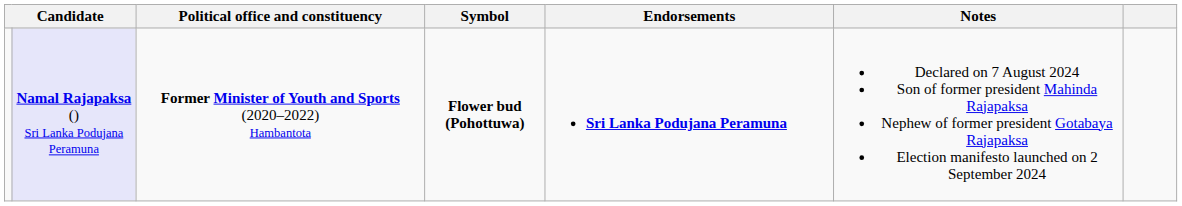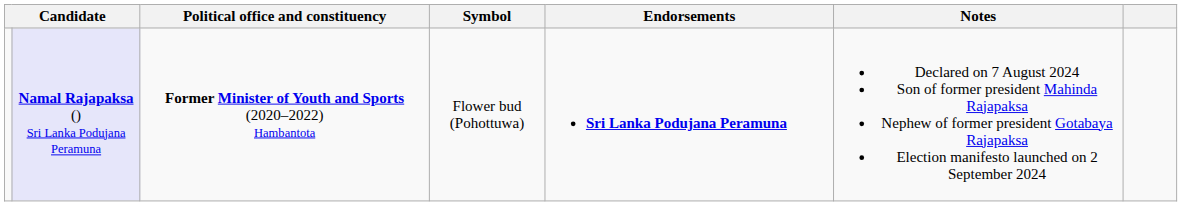 <table class="wikitable" style="text-align:center">
 <tr>
 <th colspan="2" scope="col" style="width: 200px;">Candidate</th>
 <th scope="col" style="width: 300px;">Political office and constituency</th>
 <th>Symbol</th>
 <th scope="col" style="width: 300px;">Endorsements</th>
 <th scope="col" style="width: 300px;">Notes</th>
 <th scope="col" style="width: 50px;" class="unsortable" !></th>
 </tr>
 <tr>
 <td></td>
 <td style="background:lavender;"><br><strong><a href='#'>Namal Rajapaksa</a></strong> ()<br><small><a href='#'>Sri Lanka Podujana Peramuna</a></small></td>
 <td><strong>Former <a href='#'>Minister of Youth and Sports</a></strong> (2020–2022)<br><small> <a href='#'>Hambantota</a></small></td>
-<td><strong>Flower bud (Pohottuwa)</strong></td>
+<td>Flower bud (Pohottuwa)</td>
 <td align="left"><br><ul><li><strong><a href='#'>Sri Lanka Podujana Peramuna</a></strong></li></ul></td>
 <td><br><ul><li>Declared on 7 August 2024</li><li>Son of former president <a href='#'>Mahinda Rajapaksa</a></li><li>Nephew of former president <a href='#'>Gotabaya Rajapaksa</a></li><li>Election manifesto launched on 2 September 2024</li></ul></td>
 <td></td>
 </tr>
 </table>
